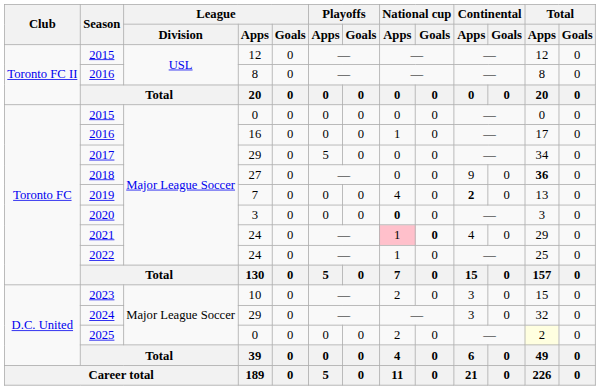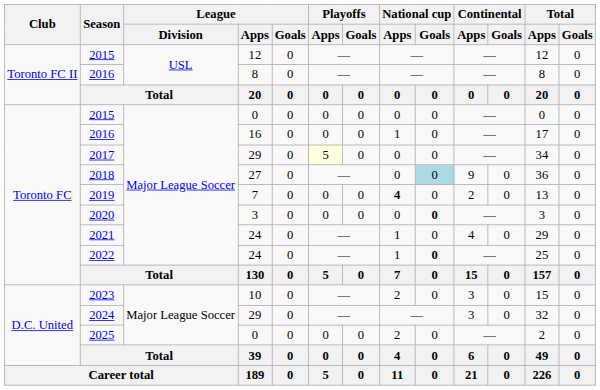 <table class="wikitable" style="text-align: center;">
 <tr>
 <th rowspan="2">Club</th>
 <th rowspan="2">Season</th>
 <th colspan="3">League</th>
 <th colspan="2">Playoffs</th>
 <th colspan="2">National cup</th>
 <th colspan="2">Continental</th>
 <th colspan="2">Total</th>
 </tr>
 <tr>
 <th>Division</th>
 <th>Apps</th>
 <th>Goals</th>
 <th>Apps</th>
 <th>Goals</th>
 <th>Apps</th>
 <th>Goals</th>
 <th>Apps</th>
 <th>Goals</th>
 <th>Apps</th>
 <th>Goals</th>
 </tr>
 <tr>
 <td rowspan="3" valign="center"><a href='#'>Toronto FC II</a></td>
 <td><a href='#'>2015</a></td>
 <td rowspan="2"><a href='#'>USL</a></td>
 <td>12</td>
 <td>0</td>
 <td colspan="2">—</td>
 <td colspan="2">—</td>
 <td colspan="2">—</td>
 <td>12</td>
 <td>0</td>
 </tr>
 <tr>
 <td><a href='#'>2016</a></td>
 <td>8</td>
 <td>0</td>
 <td colspan="2">—</td>
 <td colspan="2">—</td>
 <td colspan="2">—</td>
 <td>8</td>
 <td>0</td>
 </tr>
 <tr>
 <th colspan="2">Total</th>
 <th>20</th>
 <th>0</th>
 <th>0</th>
 <th>0</th>
 <th>0</th>
 <th>0</th>
 <th>0</th>
 <th>0</th>
 <th>20</th>
 <th>0</th>
 </tr>
 <tr>
 <td rowspan="9" valign="center"><a href='#'>Toronto FC</a></td>
 <td><a href='#'>2015</a></td>
 <td rowspan="8"><a href='#'>Major League Soccer</a></td>
 <td>0</td>
 <td>0</td>
 <td>0</td>
 <td>0</td>
 <td>0</td>
 <td>0</td>
 <td colspan="2">—</td>
 <td>0</td>
 <td>0</td>
 </tr>
 <tr>
 <td><a href='#'>2016</a></td>
 <td>16</td>
 <td>0</td>
 <td>0</td>
 <td>0</td>
 <td>1</td>
 <td>0</td>
 <td colspan="2">—</td>
 <td>17</td>
 <td>0</td>
 </tr>
 <tr>
 <td><a href='#'>2017</a></td>
 <td>29</td>
 <td>0</td>
-<td>5</td>
+<td style="background: lightyellow;">5</td>
 <td>0</td>
 <td>0</td>
 <td>0</td>
 <td colspan="2">—</td>
 <td>34</td>
 <td>0</td>
 </tr>
 <tr>
 <td><a href='#'>2018</a></td>
 <td>27</td>
 <td>0</td>
 <td colspan="2">—</td>
 <td>0</td>
-<td>0</td>
+<td style="background: lightblue;">0</td>
 <td>9</td>
 <td>0</td>
-<td><strong>36</strong></td>
+<td>36</td>
 <td>0</td>
 </tr>
 <tr>
 <td><a href='#'>2019</a></td>
 <td>7</td>
 <td>0</td>
 <td>0</td>
 <td>0</td>
-<td>4</td>
+<td><strong>4</strong></td>
 <td>0</td>
-<td><strong>2</strong></td>
+<td>2</td>
 <td>0</td>
 <td>13</td>
 <td>0</td>
 </tr>
 <tr>
 <td><a href='#'>2020</a></td>
 <td>3</td>
 <td>0</td>
 <td>0</td>
 <td>0</td>
+<td>0</td>
 <td><strong>0</strong></td>
-<td>0</td>
 <td colspan="2">—</td>
 <td>3</td>
 <td>0</td>
 </tr>
 <tr>
 <td><a href='#'>2021</a></td>
 <td>24</td>
 <td>0</td>
 <td colspan="2">—</td>
-<td style="background: pink;">1</td>
-<td><strong>0</strong></td>
+<td>1</td>
+<td>0</td>
 <td>4</td>
 <td>0</td>
 <td>29</td>
 <td>0</td>
 </tr>
 <tr>
 <td><a href='#'>2022</a></td>
 <td>24</td>
 <td>0</td>
 <td colspan="2">—</td>
 <td>1</td>
-<td>0</td>
+<td><strong>0</strong></td>
 <td colspan="2">—</td>
 <td>25</td>
 <td>0</td>
 </tr>
 <tr>
 <th colspan="2">Total</th>
 <th>130</th>
 <th>0</th>
 <th>5</th>
 <th>0</th>
 <th>7</th>
 <th>0</th>
 <th>15</th>
 <th>0</th>
 <th>157</th>
 <th>0</th>
 </tr>
 <tr>
 <td rowspan="4" valign="center"><a href='#'>D.C. United</a></td>
 <td><a href='#'>2023</a></td>
 <td rowspan="3">Major League Soccer</td>
 <td>10</td>
 <td>0</td>
 <td colspan="2">—</td>
 <td>2</td>
 <td>0</td>
 <td>3</td>
 <td>0</td>
 <td>15</td>
 <td>0</td>
 </tr>
 <tr>
 <td><a href='#'>2024</a></td>
 <td>29</td>
 <td>0</td>
 <td colspan="2">—</td>
 <td colspan="2">—</td>
 <td>3</td>
 <td>0</td>
 <td>32</td>
 <td>0</td>
 </tr>
 <tr>
 <td><a href='#'>2025</a></td>
 <td>0</td>
 <td>0</td>
 <td>0</td>
 <td>0</td>
 <td>2</td>
 <td>0</td>
 <td colspan="2">—</td>
-<td style="background: lightyellow;">2</td>
+<td>2</td>
 <td>0</td>
 </tr>
 <tr>
 <th colspan="2">Total</th>
 <th>39</th>
 <th>0</th>
 <th>0</th>
 <th>0</th>
 <th>4</th>
 <th>0</th>
 <th>6</th>
 <th>0</th>
 <th>49</th>
 <th>0</th>
 </tr>
 <tr>
 <th colspan="3">Career total</th>
 <th>189</th>
 <th>0</th>
 <th>5</th>
 <th>0</th>
 <th>11</th>
 <th>0</th>
 <th>21</th>
 <th>0</th>
 <th>226</th>
 <th>0</th>
 </tr>
 </table>
